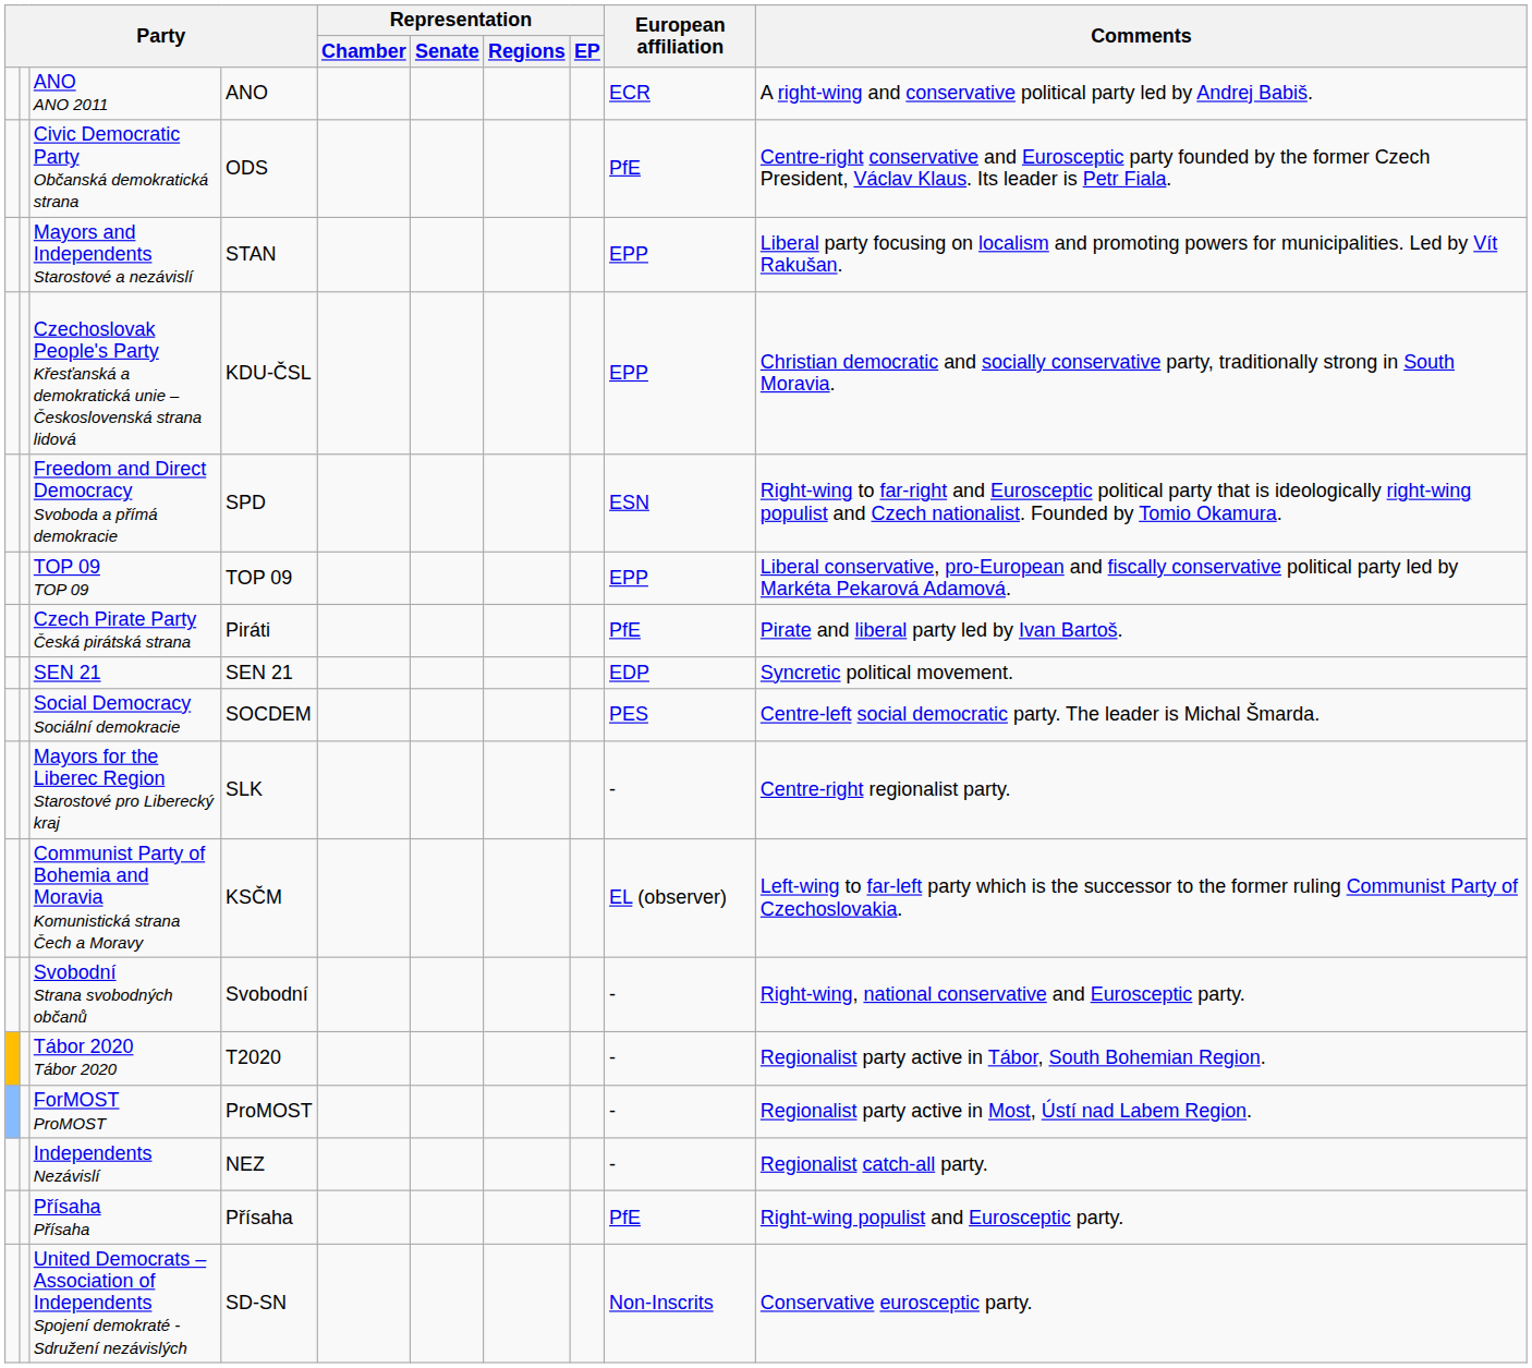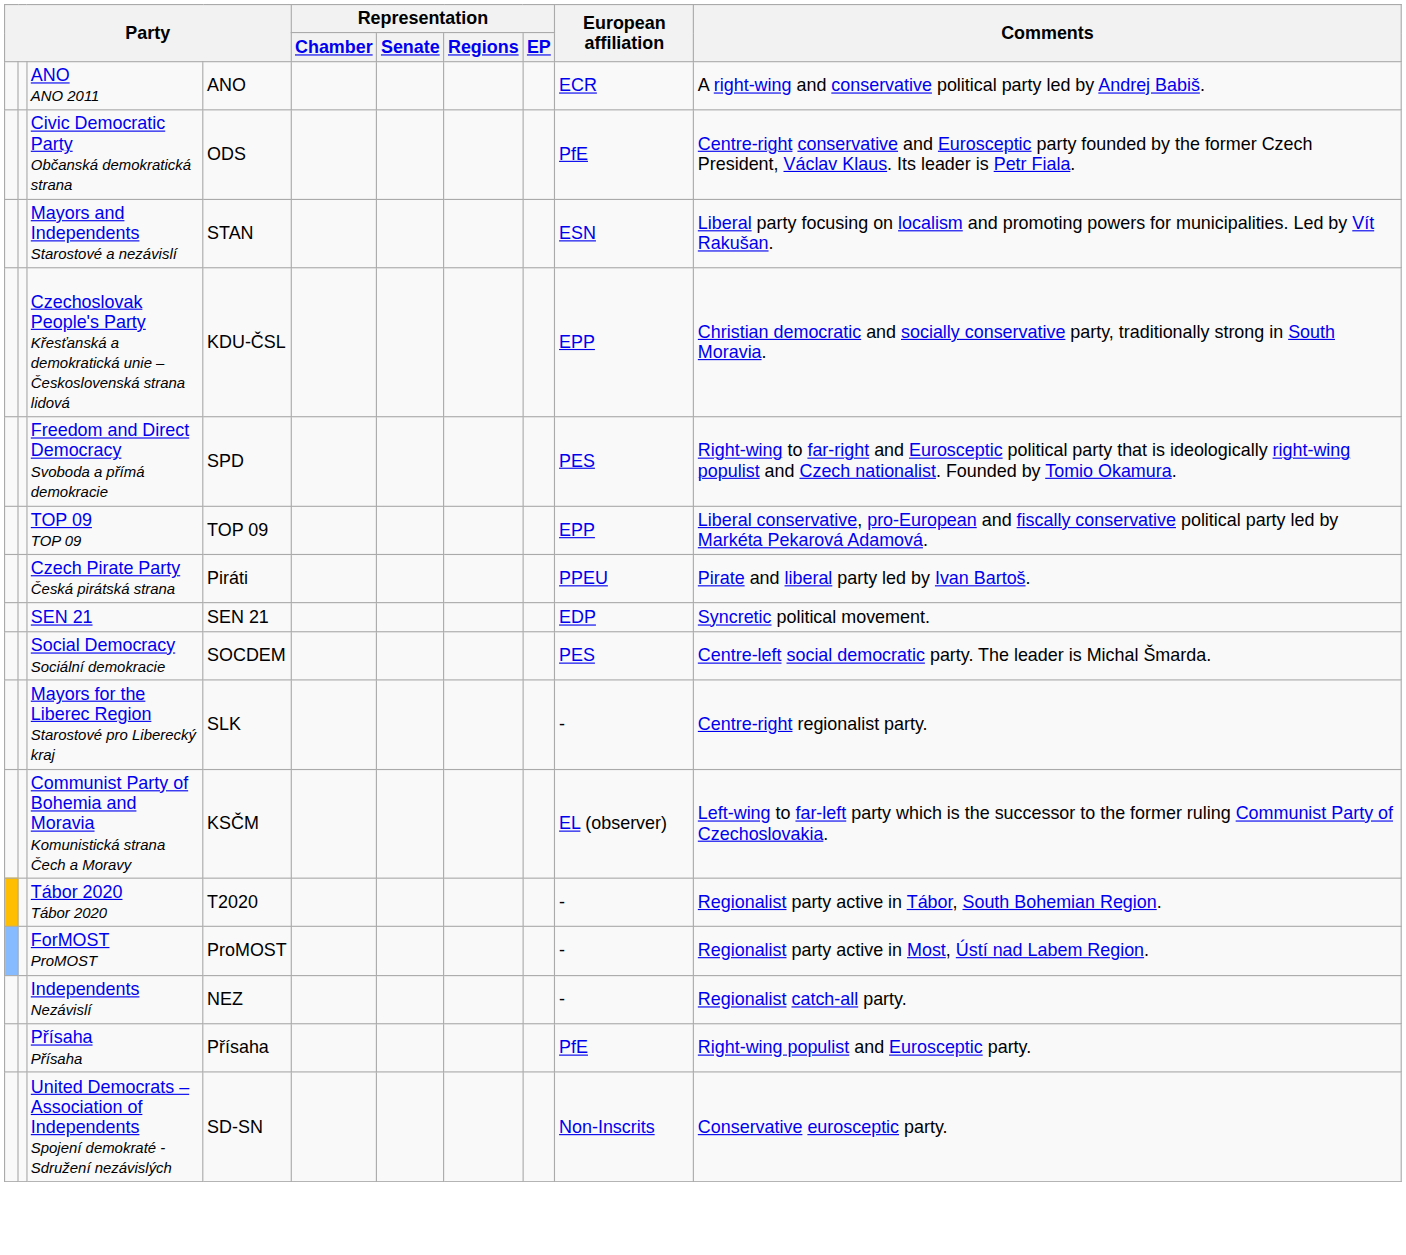 <table class ="wikitable sortable">
 <tr>
 <th rowspan=2 colspan=4>Party</th>
 <th colspan=4>Representation</th>
 <th rowspan=2>European affiliation</th>
 <th rowspan=2>Comments</th>
 </tr>
 <tr>
 <th><a href='#'>Chamber</a></th>
 <th><a href='#'>Senate</a></th>
 <th><a href='#'>Regions</a></th>
 <th><a href='#'>EP</a></th>
 </tr>
 <tr>
 <td style="background-color: "></td>
 <td></td>
 <td><a href='#'>ANO</a><br><small><em>ANO 2011</em><br></small></td>
 <td>ANO</td>
 <td></td>
 <td></td>
 <td></td>
 <td></td>
 <td><a href='#'>ECR</a></td>
 <td>A <a href='#'>right-wing</a> and <a href='#'>conservative</a> political party led by <a href='#'>Andrej Babiš</a>.</td>
 </tr>
 <tr>
 <td style="background-color: "></td>
 <td></td>
 <td><a href='#'>Civic Democratic Party</a><br><small><em>Občanská demokratická strana</em><br></small></td>
 <td>ODS</td>
 <td></td>
 <td></td>
 <td></td>
 <td></td>
 <td><a href='#'>PfE</a></td>
 <td><a href='#'>Centre-right</a> <a href='#'>conservative</a> and <a href='#'>Eurosceptic</a> party founded by the former Czech President, <a href='#'>Václav Klaus</a>. Its leader is <a href='#'>Petr Fiala</a>.</td>
 </tr>
 <tr>
 <td style="background-color: "></td>
 <td></td>
 <td><a href='#'>Mayors and Independents</a><br><small><em>Starostové a nezávislí</em><br></small></td>
 <td>STAN</td>
 <td></td>
 <td></td>
 <td></td>
 <td></td>
-<td><a href='#'>EPP</a></td>
+<td><a href='#'>ESN</a></td>
 <td><a href='#'>Liberal</a> party focusing on <a href='#'>localism</a> and promoting powers for municipalities. Led by <a href='#'>Vít Rakušan</a>.</td>
 </tr>
 <tr>
 <td style="background-color: "></td>
 <td></td>
 <td><a href='#'><br>Czechoslovak People's Party</a><br><small><em>Křesťanská a demokratická unie – Československá strana lidová</em><br></small></td>
 <td>KDU-ČSL</td>
 <td></td>
 <td></td>
 <td></td>
 <td></td>
 <td><a href='#'>EPP</a></td>
 <td><a href='#'>Christian democratic</a> and <a href='#'>socially conservative</a> party, traditionally strong in <a href='#'>South Moravia</a>.</td>
 </tr>
 <tr>
 <td style="background-color: "></td>
 <td></td>
 <td><a href='#'>Freedom and Direct Democracy</a><br><small><em>Svoboda a přímá demokracie</em><br></small></td>
 <td>SPD</td>
 <td></td>
 <td></td>
 <td></td>
 <td></td>
-<td><a href='#'>ESN</a></td>
+<td><a href='#'>PES</a></td>
 <td><a href='#'>Right-wing</a> to <a href='#'>far-right</a> and <a href='#'>Eurosceptic</a> political party that is ideologically <a href='#'>right-wing populist</a> and <a href='#'>Czech nationalist</a>. Founded by <a href='#'>Tomio Okamura</a>.</td>
 </tr>
 <tr>
 <td style="background-color: "></td>
 <td></td>
 <td><a href='#'>TOP 09</a><br><small><em>TOP 09</em><br></small></td>
 <td>TOP 09</td>
 <td></td>
 <td></td>
 <td></td>
 <td></td>
 <td><a href='#'>EPP</a></td>
 <td><a href='#'>Liberal conservative</a>, <a href='#'>pro-European</a> and <a href='#'>fiscally conservative</a> political party led by <a href='#'>Markéta Pekarová Adamová</a>.</td>
 </tr>
 <tr>
 <td style="background:"></td>
 <td></td>
 <td><a href='#'>Czech Pirate Party</a><br><small><em>Česká pirátská strana</em><br></small></td>
 <td>Piráti</td>
 <td></td>
 <td></td>
 <td></td>
 <td></td>
-<td><a href='#'>PfE</a></td>
+<td><a href='#'>PPEU</a></td>
 <td><a href='#'>Pirate</a> and <a href='#'>liberal</a> party led by <a href='#'>Ivan Bartoš</a>.</td>
 </tr>
 <tr>
 <td style="background-color: "></td>
 <td></td>
 <td><a href='#'>SEN 21</a></td>
 <td>SEN 21</td>
 <td></td>
 <td></td>
 <td></td>
 <td></td>
 <td><a href='#'>EDP</a></td>
 <td><a href='#'>Syncretic</a> political movement.</td>
 </tr>
 <tr>
 <td width=5px style="background-color: "></td>
 <td></td>
 <td width=150px><a href='#'>Social Democracy</a><br><small><em>Sociální demokracie</em></small><br></td>
 <td>SOCDEM</td>
 <td></td>
 <td></td>
 <td></td>
 <td></td>
 <td><a href='#'>PES</a></td>
 <td><a href='#'>Centre-left</a> <a href='#'>social democratic</a> party. The leader is Michal Šmarda.</td>
 </tr>
 <tr>
 <td style="background-color: "></td>
 <td></td>
 <td><a href='#'>Mayors for the Liberec Region</a><br><small><em>Starostové pro Liberecký kraj</em></small><br></td>
 <td>SLK</td>
 <td></td>
 <td></td>
 <td></td>
 <td></td>
 <td>-</td>
 <td><a href='#'>Centre-right</a> regionalist party.</td>
 </tr>
 <tr>
 <td style="background-color: "></td>
 <td></td>
 <td><a href='#'>Communist Party of<br>Bohemia and Moravia</a><br><small><em>Komunistická strana Čech a Moravy</em><br></small></td>
 <td>KSČM</td>
 <td></td>
 <td></td>
 <td></td>
 <td></td>
 <td><a href='#'>EL</a> (observer)</td>
 <td><a href='#'>Left-wing</a> to <a href='#'>far-left</a> party which is the successor to the former ruling <a href='#'>Communist Party of Czechoslovakia</a>.</td>
-</tr>
-<tr>
-<td style="background-color: "></td>
-<td></td>
-<td><a href='#'>Svobodní</a><br><small><em>Strana svobodných občanů</em><br></small></td>
-<td>Svobodní</td>
-<td></td>
-<td></td>
-<td></td>
-<td></td>
-<td>-</td>
-<td><a href='#'>Right-wing</a>, <a href='#'>national conservative</a> and <a href='#'>Eurosceptic</a> party.</td>
 </tr>
 <tr>
 <td style="background-color:#ffbf00"></td>
 <td></td>
 <td><a href='#'>Tábor 2020</a><br><small><em>Tábor 2020</em><br></small></td>
 <td>T2020</td>
 <td></td>
 <td></td>
 <td></td>
 <td></td>
 <td>-</td>
 <td><a href='#'>Regionalist</a> party active in <a href='#'>Tábor</a>, <a href='#'>South Bohemian Region</a>.</td>
 </tr>
 <tr>
 <td style="background-color: #87BBFF"></td>
 <td></td>
 <td><a href='#'>ForMOST</a><br><small><em>ProMOST</em><br></small></td>
 <td>ProMOST</td>
 <td></td>
 <td></td>
 <td></td>
 <td></td>
 <td>-</td>
 <td><a href='#'>Regionalist</a> party active in <a href='#'>Most</a>, <a href='#'>Ústí nad Labem Region</a>.</td>
 </tr>
 <tr>
 <td style="background-color: "></td>
 <td></td>
 <td><a href='#'>Independents</a><br><small><em>Nezávislí</em><br></small></td>
 <td>NEZ</td>
 <td></td>
 <td></td>
 <td></td>
 <td></td>
 <td>-</td>
 <td><a href='#'>Regionalist</a> <a href='#'>catch-all</a> party.</td>
 </tr>
 <tr>
 <td style="background-color: "></td>
 <td></td>
 <td><a href='#'>Přísaha</a><br><small><em>Přísaha</em><br></small></td>
 <td>Přísaha</td>
 <td></td>
 <td></td>
 <td></td>
 <td></td>
 <td><a href='#'>PfE</a></td>
 <td><a href='#'>Right-wing populist</a> and <a href='#'>Eurosceptic</a> party.</td>
 </tr>
 <tr>
 <td style="background-color: "></td>
 <td></td>
 <td><a href='#'>United Democrats – Association of Independents</a><br><small><em>Spojení demokraté - Sdružení nezávislých</em><br></small></td>
 <td>SD-SN</td>
 <td></td>
 <td></td>
 <td></td>
 <td></td>
 <td><a href='#'>Non-Inscrits</a></td>
 <td><a href='#'>Conservative</a> <a href='#'>eurosceptic</a> party.</td>
 </tr>
 </table>
